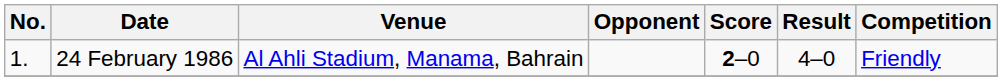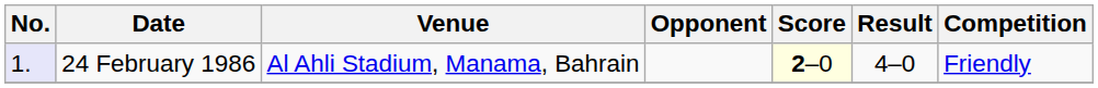 <table class="wikitable">
 <tr>
 <th>No.</th>
 <th>Date</th>
 <th>Venue</th>
 <th>Opponent</th>
 <th>Score</th>
 <th>Result</th>
 <th>Competition</th>
 </tr>
 <tr>
-<td>1.</td>
+<td style="background: lavender;">1.</td>
 <td>24 February 1986</td>
 <td><a href='#'>Al Ahli Stadium</a>, <a href='#'>Manama</a>, Bahrain</td>
 <td></td>
-<td align=center><strong>2</strong>–0</td>
+<td align=center style="background: lightyellow;"><strong>2</strong>–0</td>
 <td align=center>4–0</td>
 <td><a href='#'>Friendly</a></td>
 </tr>
 <tr>
 </tr>
 </table>
